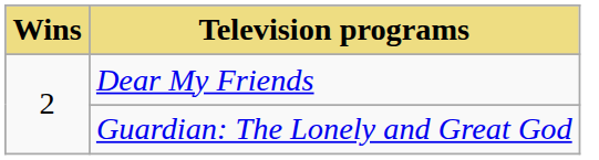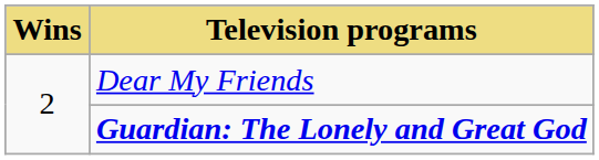 <table class="wikitable">
 <tr>
 <th style="background:#EEDD82; text-align:center">Wins</th>
 <th style="background:#EEDD82; text-align:center">Television programs</th>
 </tr>
 <tr>
 <td rowspan="2" style="text-align:center">2</td>
 <td><em><a href='#'>Dear My Friends</a></em></td>
 </tr>
 <tr>
-<td><em><a href='#'>Guardian: The Lonely and Great God</a></em></td>
+<td><strong><em><a href='#'>Guardian: The Lonely and Great God</a></em></strong></td>
 </tr>
 </table>
